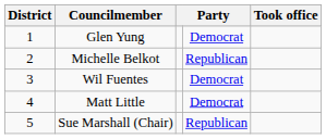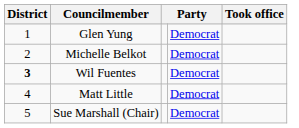 <table class="wikitable sortable" style="text-align:center">
 <tr style="background:#cccccc">
 <th>District</th>
 <th>Councilmember</th>
 <th colspan="2">Party</th>
 <th>Took office</th>
 </tr>
 <tr>
 <td>1</td>
 <td>Glen Yung</td>
 <td style="background: "></td>
 <td><a href='#'>Democrat</a></td>
 <td></td>
 </tr>
 <tr>
 <td>2</td>
 <td>Michelle Belkot</td>
 <td style="background: "></td>
-<td><a href='#'>Republican</a></td>
+<td><a href='#'>Democrat</a></td>
 <td></td>
 </tr>
 <tr>
-<td>3</td>
+<td><strong>3</strong></td>
 <td>Wil Fuentes</td>
 <td style="background: "></td>
 <td><a href='#'>Democrat</a></td>
 <td></td>
 </tr>
 <tr>
 <td>4</td>
 <td>Matt Little</td>
 <td style="background: "></td>
 <td><a href='#'>Democrat</a></td>
 <td></td>
 </tr>
 <tr>
 <td>5</td>
 <td>Sue Marshall (Chair)</td>
 <td style="background: "></td>
-<td><a href='#'>Republican</a></td>
+<td><a href='#'>Democrat</a></td>
 <td></td>
 </tr>
 </table>
